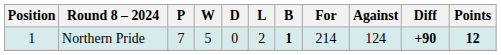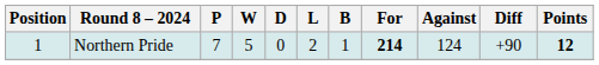 <table class="wikitable" style="text-align:center; font-size:85%;">
 <tr style="background: #d7ebed;">
 <th width="40" abbr="Position">Position</th>
 <th width="100">Round 8 – 2024</th>
 <th width="20" abbr="Played">P</th>
 <th width="20" abbr="Won">W</th>
 <th width="20" abbr="Drawn">D</th>
 <th width="20" abbr="Lost">L</th>
 <th width="20" abbr="Bye">B</th>
 <th width="40" abbr="Points for">For</th>
 <th width="40" abbr="Points against">Against</th>
 <th width="40" abbr="Points difference">Diff</th>
 <th width="40" abbr="Points">Points</th>
 </tr>
 <tr style="background: #d7ebed;">
 <td>1</td>
 <td style="text-align:left;"> Northern Pride</td>
 <td>7</td>
 <td>5</td>
 <td>0</td>
 <td>2</td>
-<td><strong>1</strong></td>
-<td>214</td>
+<td>1</td>
+<td><strong>214</strong></td>
 <td>124</td>
-<td><strong>+90</strong></td>
+<td>+90</td>
 <td><strong>12</strong></td>
 </tr>
 <tr>
 </tr>
 </table>
